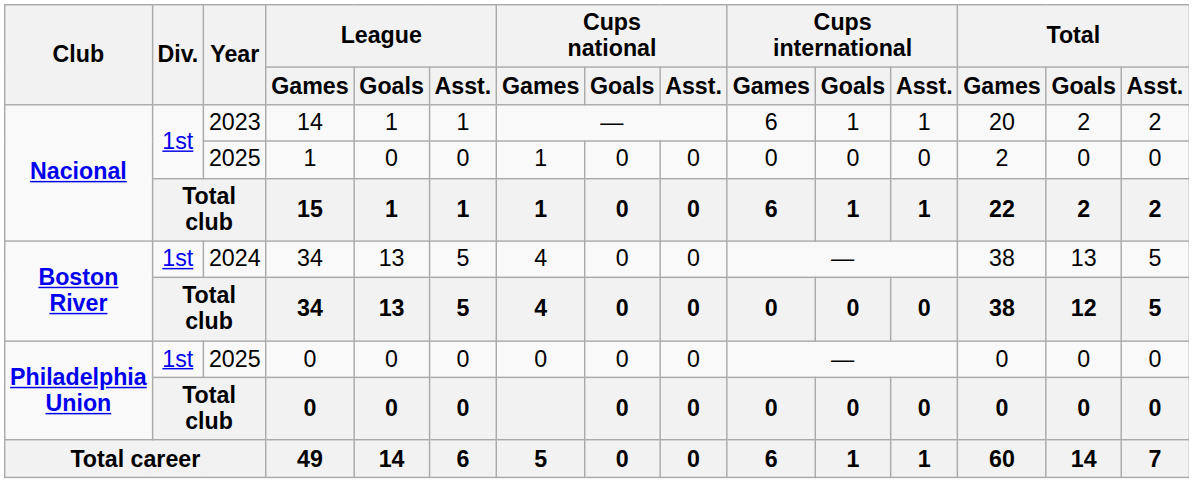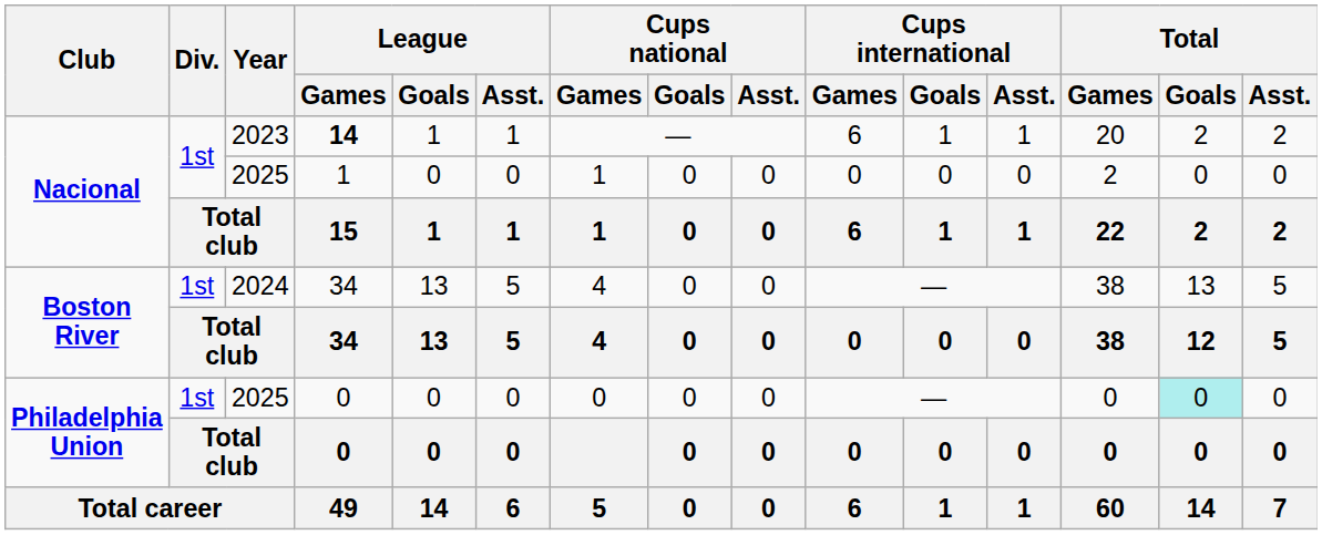 <table class="wikitable center" style="text-align: center">
 <tr>
 <th rowspan=2>Club</th>
 <th rowspan=2>Div.</th>
 <th rowspan=2>Year</th>
 <th colspan=3>League</th>
 <th colspan=3>Cups<br>national</th>
 <th colspan=3>Cups<br>international</th>
 <th colspan=3>Total</th>
 </tr>
 <tr>
 <th>Games</th>
 <th>Goals</th>
 <th>Asst.</th>
 <th>Games</th>
 <th>Goals</th>
 <th>Asst.</th>
 <th>Games</th>
 <th>Goals</th>
 <th>Asst.</th>
 <th>Games</th>
 <th>Goals</th>
 <th>Asst.</th>
 </tr>
 <tr>
 <td rowspan="3"><strong><a href='#'>Nacional</a></strong><br><small></small></td>
 <td rowspan="2"><a href='#'>1st</a></td>
 <td>2023</td>
-<td>14</td>
+<td><strong>14</strong></td>
 <td>1</td>
 <td>1</td>
 <td colspan=3>—</td>
 <td>6</td>
 <td>1</td>
 <td>1</td>
 <td>20</td>
 <td>2</td>
 <td>2</td>
 </tr>
 <tr>
 <td>2025</td>
 <td>1</td>
 <td>0</td>
 <td>0</td>
 <td>1</td>
 <td>0</td>
 <td>0</td>
 <td>0</td>
 <td>0</td>
 <td>0</td>
 <td>2</td>
 <td>0</td>
 <td>0</td>
 </tr>
 <tr>
 <th colspan=2>Total club</th>
 <th>15</th>
 <th>1</th>
 <th>1</th>
 <th>1</th>
 <th>0</th>
 <th>0</th>
 <th>6</th>
 <th>1</th>
 <th>1</th>
 <th>22</th>
 <th>2</th>
 <th>2</th>
 </tr>
 <tr>
 <td rowspan=2><strong><a href='#'>Boston River</a></strong><br><small></small></td>
 <td><a href='#'>1st</a></td>
 <td>2024</td>
 <td>34</td>
 <td>13</td>
 <td>5</td>
 <td>4</td>
 <td>0</td>
 <td>0</td>
 <td colspan=3>—</td>
 <td>38</td>
 <td>13</td>
 <td>5</td>
 </tr>
 <tr>
 <th colspan=2>Total club</th>
 <th>34</th>
 <th>13</th>
 <th>5</th>
 <th>4</th>
 <th>0</th>
 <th>0</th>
 <th>0</th>
 <th>0</th>
 <th>0</th>
 <th>38</th>
 <th>12</th>
 <th>5</th>
 </tr>
 <tr>
 <td rowspan=2><strong><a href='#'>Philadelphia Union</a></strong><br><small></small></td>
 <td><a href='#'>1st</a></td>
 <td>2025</td>
 <td>0</td>
 <td>0</td>
 <td>0</td>
 <td>0</td>
 <td>0</td>
 <td>0</td>
 <td colspan=3>—</td>
 <td>0</td>
-<td>0</td>
+<td style="background: paleturquoise;">0</td>
 <td>0</td>
 </tr>
 <tr>
 <th colspan=2>Total club</th>
 <th>0</th>
 <th>0</th>
 <th>0</th>
 <th></th>
 <th>0</th>
 <th>0</th>
 <th>0</th>
 <th>0</th>
 <th>0</th>
 <th>0</th>
 <th>0</th>
 <th>0</th>
 </tr>
 <tr>
 <th colspan=3>Total career</th>
 <th>49</th>
 <th>14</th>
 <th>6</th>
 <th>5</th>
 <th>0</th>
 <th>0</th>
 <th>6</th>
 <th>1</th>
 <th>1</th>
 <th>60</th>
 <th>14</th>
 <th>7</th>
 </tr>
 </table>
